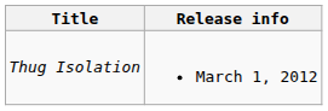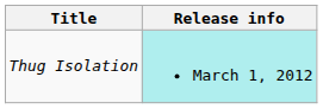 <table class="wikitable">
 <tr>
 <th>Title</th>
 <th>Release info</th>
 </tr>
 <tr>
 <td><em>Thug Isolation</em></td>
-<td><br><ul><li>March 1, 2012</li></ul></td>
+<td style="background: paleturquoise;"><br><ul><li>March 1, 2012</li></ul></td>
 </tr>
 </table>
